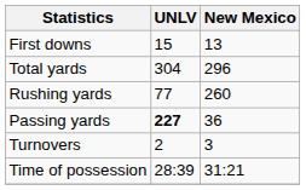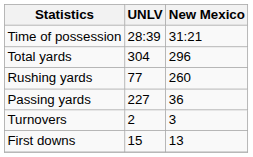 <table class="wikitable">
 <tr>
 <th>Statistics</th>
 <th>UNLV</th>
 <th>New Mexico</th>
 </tr>
 <tr>
-<td>First downs</td>
-<td>15</td>
-<td>13</td>
+<td>Time of possession</td>
+<td>28:39</td>
+<td>31:21</td>
 </tr>
 <tr>
 <td>Total yards</td>
 <td>304</td>
 <td>296</td>
 </tr>
 <tr>
 <td>Rushing yards</td>
 <td>77</td>
 <td>260</td>
 </tr>
 <tr>
 <td>Passing yards</td>
-<td><strong>227</strong></td>
+<td>227</td>
 <td>36</td>
 </tr>
 <tr>
 <td>Turnovers</td>
 <td>2</td>
 <td>3</td>
 </tr>
 <tr>
-<td>Time of possession</td>
-<td>28:39</td>
-<td>31:21</td>
+<td>First downs</td>
+<td>15</td>
+<td>13</td>
 </tr>
 <tr>
 </tr>
 </table>
